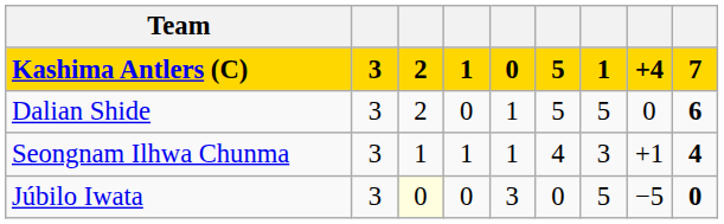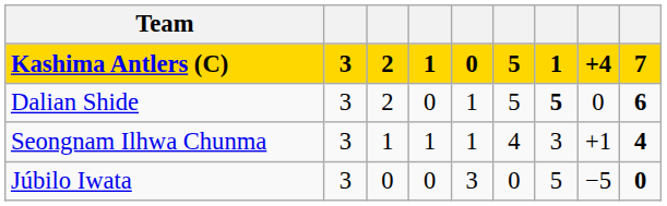 <table class="wikitable" style="text-align: center;">
 <tr>
 <th width=200>Team</th>
 <th width=20></th>
 <th width=20></th>
 <th width=20></th>
 <th width=20></th>
 <th width=20></th>
 <th width=20></th>
 <th width=20></th>
 <th width=20></th>
 </tr>
 <tr bgcolor=gold>
 <td align=left> <strong><a href='#'>Kashima Antlers</a> (C)</strong></td>
 <td><strong>3</strong></td>
 <td><strong>2</strong></td>
 <td><strong>1</strong></td>
 <td><strong>0</strong></td>
 <td><strong>5</strong></td>
 <td><strong>1</strong></td>
 <td><strong>+4</strong></td>
 <td><strong>7</strong></td>
 </tr>
 <tr>
 <td align=left> <a href='#'>Dalian Shide</a></td>
 <td>3</td>
 <td>2</td>
 <td>0</td>
 <td>1</td>
 <td>5</td>
-<td>5</td>
+<td><strong>5</strong></td>
 <td>0</td>
 <td><strong>6</strong></td>
 </tr>
 <tr>
 <td align=left> <a href='#'>Seongnam Ilhwa Chunma</a></td>
 <td>3</td>
 <td>1</td>
 <td>1</td>
 <td>1</td>
 <td>4</td>
 <td>3</td>
 <td>+1</td>
 <td><strong>4</strong></td>
 </tr>
 <tr>
 <td align=left> <a href='#'>Júbilo Iwata</a></td>
 <td>3</td>
-<td style="background: lightyellow;">0</td>
+<td>0</td>
 <td>0</td>
 <td>3</td>
 <td>0</td>
 <td>5</td>
 <td>−5</td>
 <td><strong>0</strong></td>
 </tr>
 </table>
